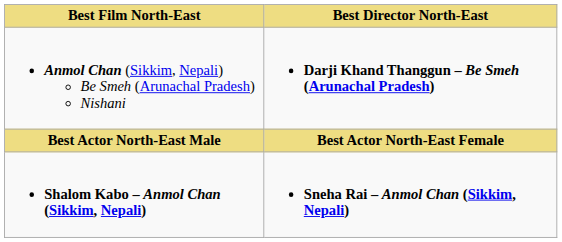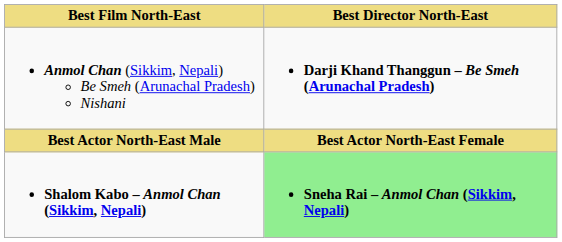 <table class=wikitable>
 <tr>
 <th style="background:#EEDD82">Best Film North-East</th>
 <th style="background:#EEDD82">Best Director North-East</th>
 </tr>
 <tr>
 <td valign="top"><br><ul><li><strong><em>Anmol Chan</em></strong> (<a href='#'>Sikkim</a>, <a href='#'>Nepali</a>)<ul><li><em>Be Smeh</em> (<a href='#'>Arunachal Pradesh</a>)</li><li><em>Nishani</em></li></ul></li></ul></td>
 <td valign="top"><br><ul><li><strong>Darji Khand Thanggun – <em>Be Smeh</em> (<a href='#'>Arunachal Pradesh</a>)</strong></li></ul></td>
 </tr>
 <tr>
 <th style="background:#EEDD82">Best Actor North-East Male</th>
 <th style="background:#EEDD82">Best Actor North-East Female</th>
 </tr>
 <tr>
 <td valign="top"><br><ul><li><strong>Shalom Kabo – <em>Anmol Chan</em> (<a href='#'>Sikkim</a>, <a href='#'>Nepali</a>)</strong></li></ul></td>
-<td valign="top"><br><ul><li><strong>Sneha Rai – <em>Anmol Chan</em> (<a href='#'>Sikkim</a>, <a href='#'>Nepali</a>)</strong></li></ul></td>
+<td valign="top" style="background: lightgreen;"><br><ul><li><strong>Sneha Rai – <em>Anmol Chan</em> (<a href='#'>Sikkim</a>, <a href='#'>Nepali</a>)</strong></li></ul></td>
 </tr>
 </table>
